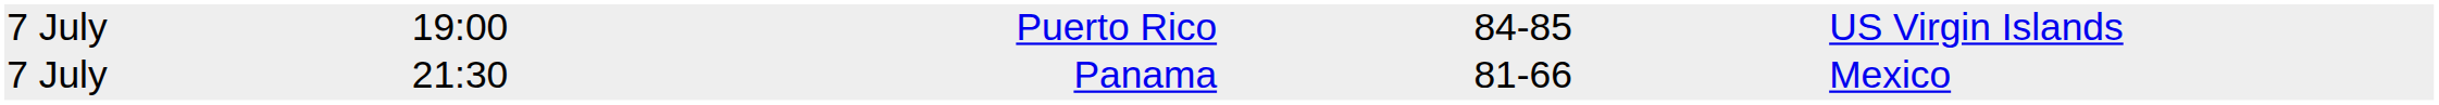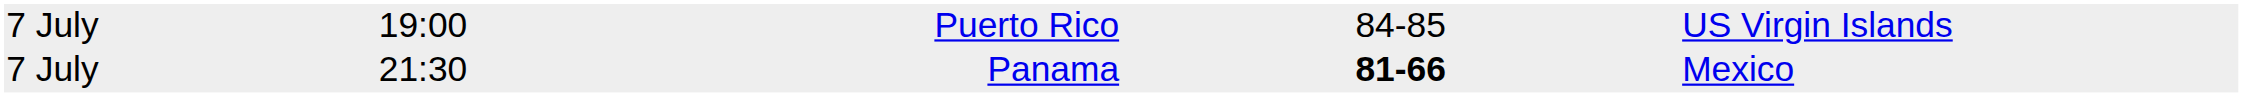 <table cellspacing=0 width=80% style=background:#eeeeee>
 <tr>
 <td width=10% align=left>7 July</td>
 <td align=center width=10%>19:00</td>
 <td align=right width=20%><a href='#'>Puerto Rico</a></td>
 <td align=left width=5%></td>
 <td align=center width=10%>84-85</td>
 <td align=right width=5%></td>
 <td align=left width=20%><a href='#'>US Virgin Islands</a></td>
 </tr>
 <tr>
 <td width=10% align=left>7 July</td>
 <td align=center width=10%>21:30</td>
 <td align=right width=20%><a href='#'>Panama</a></td>
 <td align=left width=5%></td>
-<td align=center width=10%>81-66</td>
+<td align=center width=10%><strong>81-66</strong></td>
 <td align=right width=5%></td>
 <td align=left width=20%><a href='#'>Mexico</a></td>
 </tr>
 </table>
